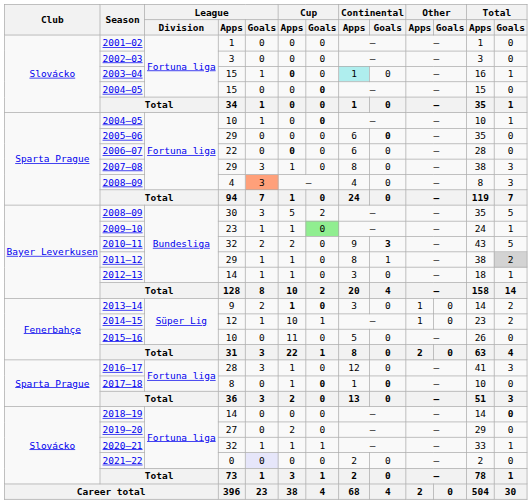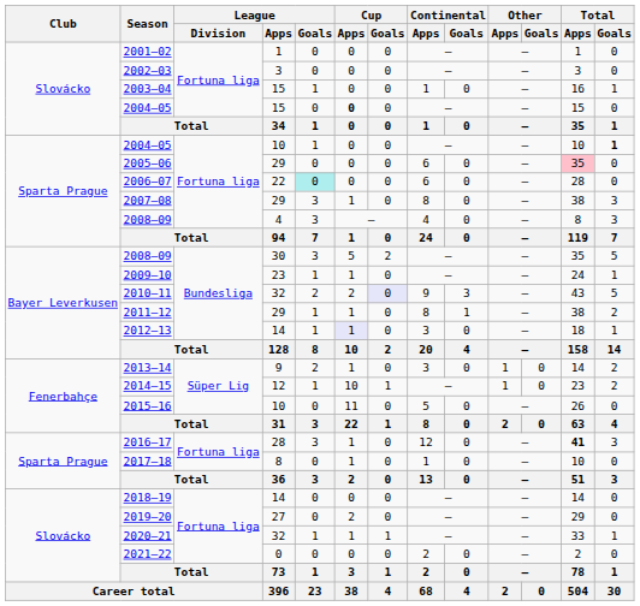 <table class="wikitable" style="text-align:center">
 <tr>
 <th rowspan=2>Club</th>
 <th rowspan=2>Season</th>
 <th colspan=3>League</th>
 <th colspan=2>Cup</th>
 <th colspan=2>Continental</th>
 <th colspan=2>Other</th>
 <th colspan=2>Total</th>
 </tr>
 <tr>
 <th>Division</th>
 <th>Apps</th>
 <th>Goals</th>
 <th>Apps</th>
 <th>Goals</th>
 <th>Apps</th>
 <th>Goals</th>
 <th>Apps</th>
 <th>Goals</th>
 <th>Apps</th>
 <th>Goals</th>
 </tr>
 <tr>
 <td rowspan="5"><a href='#'>Slovácko</a></td>
 <td><a href='#'>2001–02</a></td>
 <td rowspan="4"><a href='#'>Fortuna liga</a></td>
 <td>1</td>
 <td>0</td>
 <td>0</td>
 <td>0</td>
 <td colspan="2">—</td>
 <td colspan="2">—</td>
 <td>1</td>
 <td>0</td>
 </tr>
 <tr>
 <td><a href='#'>2002–03</a></td>
 <td>3</td>
 <td>0</td>
 <td>0</td>
 <td>0</td>
 <td colspan="2">—</td>
 <td colspan="2">—</td>
 <td>3</td>
 <td>0</td>
 </tr>
 <tr>
 <td><a href='#'>2003–04</a></td>
 <td>15</td>
 <td>1</td>
-<td><strong>0</strong></td>
 <td>0</td>
-<td style="background: paleturquoise;">1</td>
+<td>0</td>
+<td>1</td>
 <td>0</td>
 <td colspan="2">—</td>
 <td>16</td>
 <td>1</td>
 </tr>
 <tr>
 <td><a href='#'>2004–05</a></td>
 <td>15</td>
 <td>0</td>
+<td><strong>0</strong></td>
 <td>0</td>
-<td><strong>0</strong></td>
 <td colspan="2">—</td>
 <td colspan="2">—</td>
 <td>15</td>
 <td>0</td>
 </tr>
 <tr>
 <th colspan="2">Total</th>
 <th>34</th>
 <th>1</th>
 <th>0</th>
 <th>0</th>
 <th>1</th>
 <th>0</th>
 <th colspan="2">—</th>
 <th>35</th>
 <th>1</th>
 </tr>
 <tr>
 <td rowspan="6"><a href='#'>Sparta Prague</a></td>
 <td><a href='#'>2004–05</a></td>
 <td rowspan="5"><a href='#'>Fortuna liga</a></td>
 <td>10</td>
 <td>1</td>
 <td>0</td>
-<td><strong>0</strong></td>
+<td>0</td>
 <td colspan="2">—</td>
 <td colspan="2">—</td>
 <td>10</td>
-<td>1</td>
+<td><strong>1</strong></td>
 </tr>
 <tr>
 <td><a href='#'>2005–06</a></td>
 <td>29</td>
 <td>0</td>
 <td>0</td>
 <td>0</td>
 <td>6</td>
-<td><strong>0</strong></td>
+<td>0</td>
 <td colspan="2">—</td>
-<td>35</td>
+<td style="background: pink;">35</td>
 <td>0</td>
 </tr>
 <tr>
 <td><a href='#'>2006–07</a></td>
 <td>22</td>
+<td style="background: paleturquoise;">0</td>
 <td>0</td>
-<td><strong>0</strong></td>
 <td>0</td>
 <td>6</td>
 <td>0</td>
 <td colspan="2">—</td>
 <td>28</td>
 <td>0</td>
 </tr>
 <tr>
 <td><a href='#'>2007–08</a></td>
 <td>29</td>
 <td>3</td>
 <td>1</td>
 <td>0</td>
 <td>8</td>
 <td>0</td>
 <td colspan="2">—</td>
 <td>38</td>
 <td>3</td>
 </tr>
 <tr>
 <td><a href='#'>2008–09</a></td>
 <td>4</td>
-<td style="background: lightsalmon;">3</td>
+<td>3</td>
 <td colspan="2">—</td>
 <td>4</td>
 <td>0</td>
 <td colspan="2">—</td>
 <td>8</td>
 <td>3</td>
 </tr>
 <tr>
 <th colspan="2">Total</th>
 <th>94</th>
 <th>7</th>
 <th>1</th>
 <th>0</th>
 <th>24</th>
 <th>0</th>
 <th colspan="2">—</th>
 <th>119</th>
 <th>7</th>
 </tr>
 <tr>
 <td rowspan="6"><a href='#'>Bayer Leverkusen</a></td>
 <td><a href='#'>2008–09</a></td>
 <td rowspan="5"><a href='#'>Bundesliga</a></td>
 <td>30</td>
 <td>3</td>
 <td>5</td>
 <td>2</td>
 <td colspan="2">—</td>
 <td colspan="2">—</td>
 <td>35</td>
 <td>5</td>
 </tr>
 <tr>
 <td><a href='#'>2009–10</a></td>
 <td>23</td>
 <td>1</td>
 <td>1</td>
-<td style="background: lightgreen;">0</td>
+<td>0</td>
 <td colspan="2">—</td>
 <td colspan="2">—</td>
 <td>24</td>
 <td>1</td>
 </tr>
 <tr>
 <td><a href='#'>2010–11</a></td>
 <td>32</td>
 <td>2</td>
 <td>2</td>
-<td>0</td>
+<td style="background: lavender;">0</td>
 <td>9</td>
-<td><strong>3</strong></td>
+<td>3</td>
 <td colspan="2">—</td>
 <td>43</td>
 <td>5</td>
 </tr>
 <tr>
 <td><a href='#'>2011–12</a></td>
 <td>29</td>
 <td>1</td>
 <td>1</td>
 <td>0</td>
 <td>8</td>
 <td>1</td>
 <td colspan="2">—</td>
 <td>38</td>
-<td style="background: lightgrey;">2</td>
+<td>2</td>
 </tr>
 <tr>
 <td><a href='#'>2012–13</a></td>
 <td>14</td>
 <td>1</td>
-<td>1</td>
+<td style="background: lavender;">1</td>
 <td>0</td>
 <td>3</td>
 <td>0</td>
 <td colspan="2">—</td>
 <td>18</td>
 <td>1</td>
 </tr>
 <tr>
 <th colspan="2">Total</th>
 <th>128</th>
 <th>8</th>
 <th>10</th>
 <th>2</th>
 <th>20</th>
 <th>4</th>
 <th colspan="2">—</th>
 <th>158</th>
 <th>14</th>
 </tr>
 <tr>
 <td rowspan="4"><a href='#'>Fenerbahçe</a></td>
 <td><a href='#'>2013–14</a></td>
 <td rowspan="3"><a href='#'>Süper Lig</a></td>
 <td>9</td>
 <td>2</td>
-<td><strong>1</strong></td>
-<td><strong>0</strong></td>
+<td>1</td>
+<td>0</td>
 <td>3</td>
 <td>0</td>
 <td>1</td>
 <td>0</td>
 <td>14</td>
 <td>2</td>
 </tr>
 <tr>
 <td><a href='#'>2014–15</a></td>
 <td>12</td>
 <td>1</td>
 <td>10</td>
 <td>1</td>
 <td colspan="2">—</td>
 <td>1</td>
 <td>0</td>
 <td>23</td>
 <td>2</td>
 </tr>
 <tr>
 <td><a href='#'>2015–16</a></td>
 <td>10</td>
 <td>0</td>
 <td>11</td>
 <td>0</td>
 <td>5</td>
 <td>0</td>
 <td colspan="2">—</td>
 <td>26</td>
 <td>0</td>
 </tr>
 <tr>
 <th colspan="2">Total</th>
 <th>31</th>
 <th>3</th>
 <th>22</th>
 <th>1</th>
 <th>8</th>
 <th>0</th>
 <th>2</th>
 <th>0</th>
 <th>63</th>
 <th>4</th>
 </tr>
 <tr>
 <td rowspan="3"><a href='#'>Sparta Prague</a></td>
 <td><a href='#'>2016–17</a></td>
 <td rowspan="2"><a href='#'>Fortuna liga</a></td>
 <td>28</td>
 <td>3</td>
 <td>1</td>
 <td>0</td>
 <td>12</td>
 <td>0</td>
 <td colspan="2">—</td>
-<td>41</td>
+<td><strong>41</strong></td>
 <td>3</td>
 </tr>
 <tr>
 <td><a href='#'>2017–18</a></td>
 <td>8</td>
 <td>0</td>
 <td>1</td>
-<td><strong>0</strong></td>
+<td>0</td>
 <td>1</td>
-<td><strong>0</strong></td>
+<td>0</td>
 <td colspan="2">—</td>
 <td>10</td>
 <td>0</td>
 </tr>
 <tr>
 <th colspan="2">Total</th>
 <th>36</th>
 <th>3</th>
 <th>2</th>
 <th>0</th>
 <th>13</th>
 <th>0</th>
 <th colspan="2">—</th>
 <th>51</th>
 <th>3</th>
 </tr>
 <tr>
 <td rowspan="5"><a href='#'>Slovácko</a></td>
 <td><a href='#'>2018–19</a></td>
 <td rowspan="4"><a href='#'>Fortuna liga</a></td>
 <td>14</td>
 <td>0</td>
 <td>0</td>
 <td>0</td>
 <td colspan="2">—</td>
 <td colspan="2">—</td>
 <td>14</td>
-<td><strong>0</strong></td>
+<td>0</td>
 </tr>
 <tr>
 <td><a href='#'>2019–20</a></td>
 <td>27</td>
 <td>0</td>
 <td>2</td>
 <td>0</td>
 <td colspan="2">—</td>
 <td colspan="2">—</td>
 <td>29</td>
 <td>0</td>
 </tr>
 <tr>
 <td><a href='#'>2020–21</a></td>
 <td>32</td>
 <td>1</td>
 <td>1</td>
 <td>1</td>
 <td colspan="2">—</td>
 <td colspan="2">—</td>
 <td>33</td>
 <td>1</td>
 </tr>
 <tr>
 <td><a href='#'>2021–22</a></td>
 <td>0</td>
-<td style="background: lavender;">0</td>
+<td>0</td>
 <td>0</td>
 <td>0</td>
 <td>2</td>
 <td>0</td>
 <td colspan="2">—</td>
 <td>2</td>
 <td>0</td>
 </tr>
 <tr>
 <th colspan="2">Total</th>
 <th>73</th>
 <th>1</th>
 <th>3</th>
 <th>1</th>
 <th>2</th>
 <th>0</th>
 <th colspan="2">—</th>
 <th>78</th>
 <th>1</th>
 </tr>
 <tr>
 <th colspan="3">Career total</th>
 <th>396</th>
 <th>23</th>
 <th>38</th>
 <th>4</th>
 <th>68</th>
 <th>4</th>
 <th>2</th>
 <th>0</th>
 <th>504</th>
 <th>30</th>
 </tr>
 </table>
